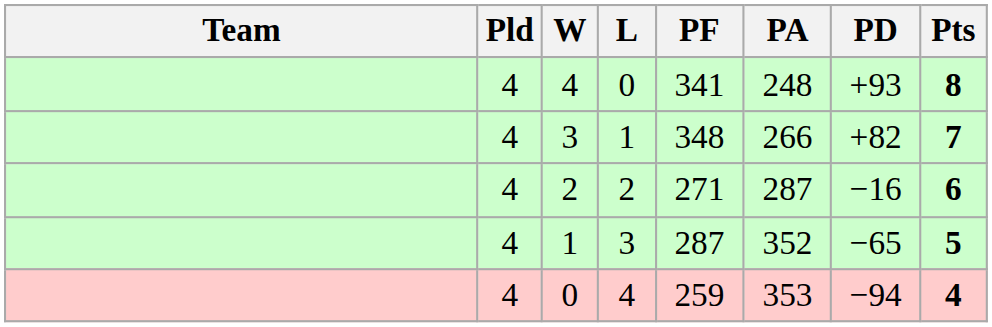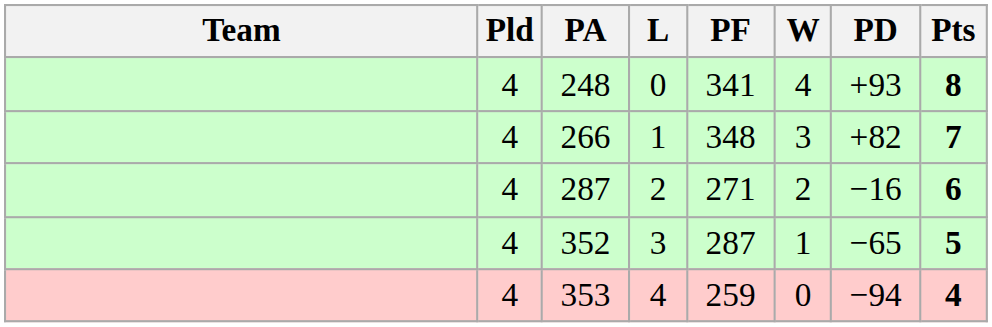 <table class=wikitable style="text-align:center">
 <tr>
 <th width=220>Team</th>
 <th width=20>Pld</th>
-<th width=20>W</th>
+<th width=35>PA</th>
 <th width=20>L</th>
 <th width=35>PF</th>
-<th width=35>PA</th>
+<th width=20>W</th>
 <th width=35>PD</th>
 <th width=25>Pts</th>
 </tr>
 <tr bgcolor=#ccffcc>
 <td align=left></td>
 <td>4</td>
-<td>4</td>
+<td>248</td>
 <td>0</td>
 <td>341</td>
-<td>248</td>
+<td>4</td>
 <td>+93</td>
 <td><strong>8</strong></td>
 </tr>
 <tr bgcolor=#ccffcc>
 <td align=left></td>
 <td>4</td>
-<td>3</td>
+<td>266</td>
 <td>1</td>
 <td>348</td>
-<td>266</td>
+<td>3</td>
 <td>+82</td>
 <td><strong>7</strong></td>
 </tr>
 <tr bgcolor=#ccffcc>
 <td align=left></td>
 <td>4</td>
-<td>2</td>
+<td>287</td>
 <td>2</td>
 <td>271</td>
-<td>287</td>
+<td>2</td>
 <td>−16</td>
 <td><strong>6</strong></td>
 </tr>
 <tr bgcolor=#ccffcc>
 <td align=left></td>
 <td>4</td>
-<td>1</td>
+<td>352</td>
 <td>3</td>
 <td>287</td>
-<td>352</td>
+<td>1</td>
 <td>−65</td>
 <td><strong>5</strong></td>
 </tr>
 <tr bgcolor=#ffcccc>
 <td align=left></td>
 <td>4</td>
-<td>0</td>
+<td>353</td>
 <td>4</td>
 <td>259</td>
-<td>353</td>
+<td>0</td>
 <td>−94</td>
 <td><strong>4</strong></td>
 </tr>
 </table>
